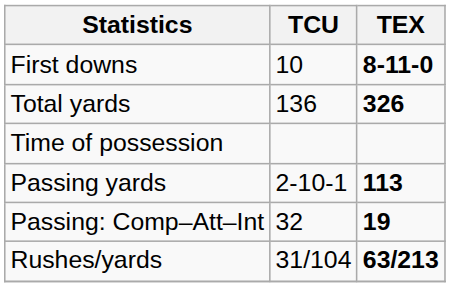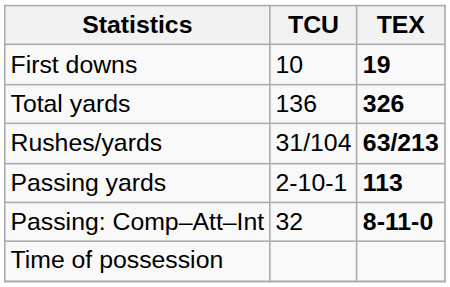 <table class="wikitable" style="float: left;">
 <tr>
 <th>Statistics</th>
 <th>TCU</th>
 <th>TEX</th>
 </tr>
 <tr>
 <td>First downs</td>
 <td>10</td>
-<td><strong>8-11-0</strong></td>
+<td><strong>19</strong></td>
 </tr>
 <tr>
 <td>Total yards</td>
 <td>136</td>
 <td><strong>326</strong></td>
 </tr>
 <tr>
-<td>Time of possession</td>
-<td></td>
-<td></td>
+<td>Rushes/yards</td>
+<td>31/104</td>
+<td><strong>63/213</strong></td>
 </tr>
 <tr>
 <td>Passing yards</td>
 <td>2-10-1</td>
 <td><strong>113</strong></td>
 </tr>
 <tr>
 <td>Passing: Comp–Att–Int</td>
 <td>32</td>
-<td><strong>19</strong></td>
+<td><strong>8-11-0</strong></td>
 </tr>
 <tr>
-<td>Rushes/yards</td>
-<td>31/104</td>
-<td><strong>63/213</strong></td>
+<td>Time of possession</td>
+<td></td>
+<td></td>
 </tr>
 <tr>
 </tr>
 </table>
